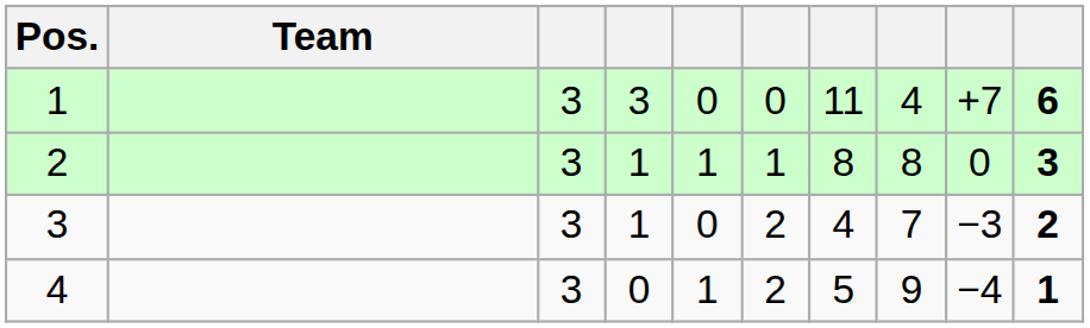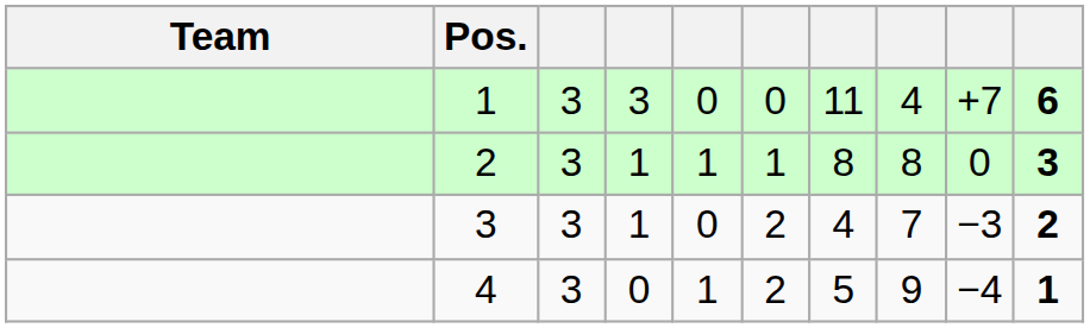 <table class="wikitable" style="text-align:center">
 <tr>
+<th width=165>Team</th>
 <th width=30>Pos.</th>
-<th width=165>Team</th>
 <th width=20></th>
 <th width=20></th>
 <th width=20></th>
 <th width=20></th>
 <th width=20></th>
 <th width=20></th>
 <th width=20></th>
 <th width=20></th>
 </tr>
 <tr style="background:#cfc">
+<td style="text-align:left"></td>
 <td>1</td>
-<td style="text-align:left"></td>
 <td>3</td>
 <td>3</td>
 <td>0</td>
 <td>0</td>
 <td>11</td>
 <td>4</td>
 <td>+7</td>
 <td><strong>6</strong></td>
 </tr>
 <tr style="background:#cfc">
+<td style="text-align:left"></td>
 <td>2</td>
-<td style="text-align:left"></td>
 <td>3</td>
 <td>1</td>
 <td>1</td>
 <td>1</td>
 <td>8</td>
 <td>8</td>
 <td>0</td>
 <td><strong>3</strong></td>
 </tr>
 <tr>
+<td style="text-align:left"></td>
 <td>3</td>
-<td style="text-align:left"></td>
 <td>3</td>
 <td>1</td>
 <td>0</td>
 <td>2</td>
 <td>4</td>
 <td>7</td>
 <td>−3</td>
 <td><strong>2</strong></td>
 </tr>
 <tr>
+<td style="text-align:left"></td>
 <td>4</td>
-<td style="text-align:left"></td>
 <td>3</td>
 <td>0</td>
 <td>1</td>
 <td>2</td>
 <td>5</td>
 <td>9</td>
 <td>−4</td>
 <td><strong>1</strong></td>
 </tr>
 </table>
